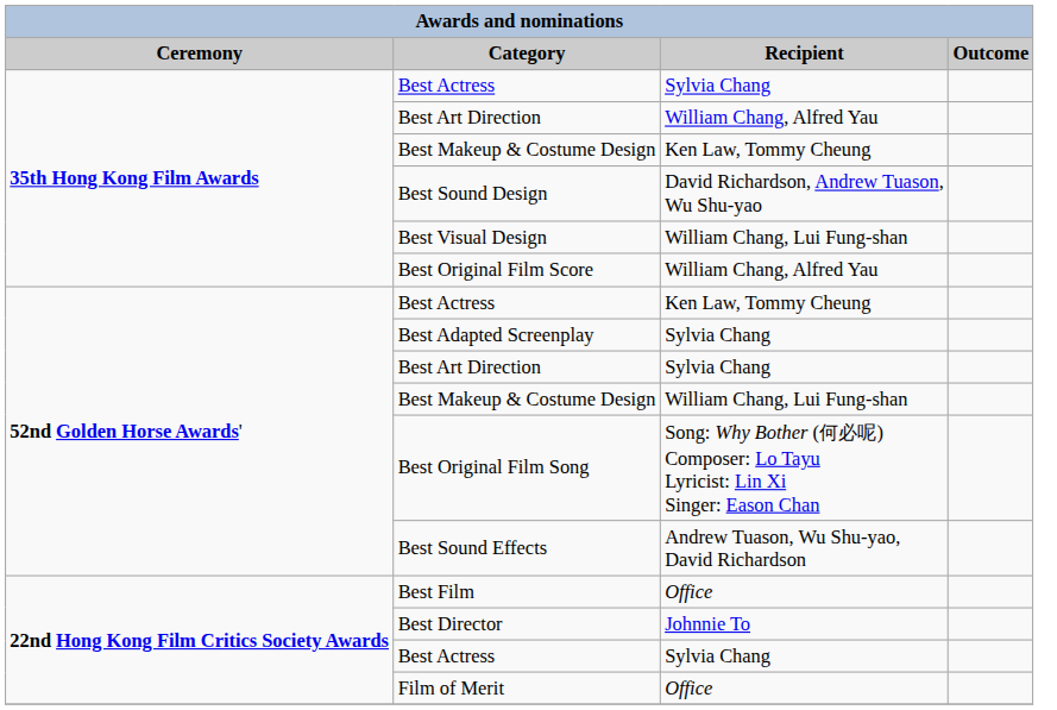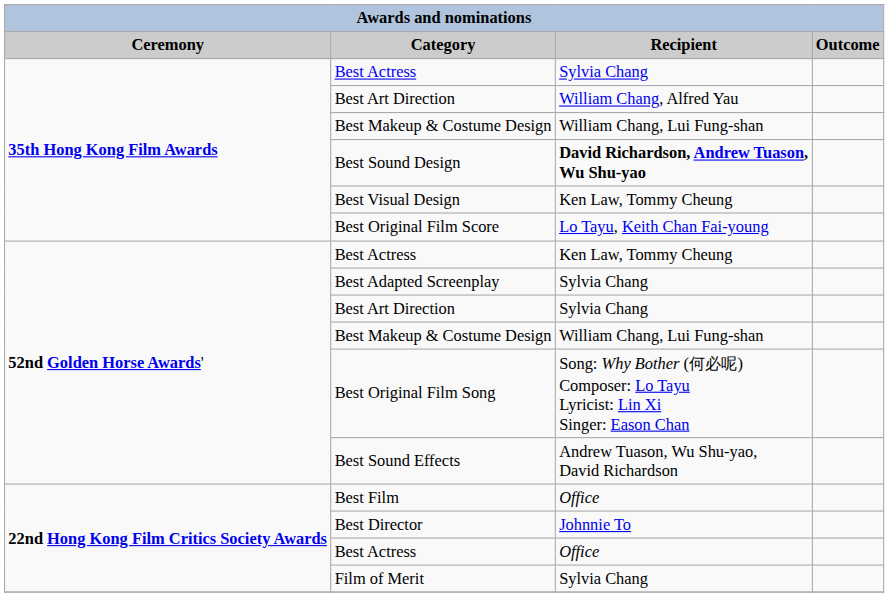 <table class="wikitable" style="font-size:95%;" ;>
 <tr style="background:#ccc; text-align:center;">
 <th colspan="4" style="background: LightSteelBlue;">Awards and nominations</th>
 </tr>
 <tr style="background:#ccc; text-align:center;">
 <th style="background:#ccc">Ceremony</th>
 <th style="background:#ccc">Category</th>
 <th style="background:#ccc">Recipient</th>
 <th style="background:#ccc">Outcome</th>
 </tr>
 <tr>
 <td rowspan=6><strong><a href='#'>35th Hong Kong Film Awards</a></strong></td>
 <td><a href='#'>Best Actress</a></td>
 <td><a href='#'>Sylvia Chang</a></td>
 <td></td>
 </tr>
 <tr>
 <td>Best Art Direction</td>
 <td><a href='#'>William Chang</a>, Alfred Yau</td>
 <td></td>
 </tr>
 <tr>
 <td>Best Makeup & Costume Design</td>
+<td>William Chang, Lui Fung-shan</td>
+<td></td>
+</tr>
+<tr>
+<td>Best Sound Design</td>
+<td><strong>David Richardson, <a href='#'>Andrew Tuason</a>,<br>Wu Shu-yao</strong></td>
+<td></td>
+</tr>
+<tr>
+<td>Best Visual Design</td>
 <td>Ken Law, Tommy Cheung</td>
 <td></td>
 </tr>
 <tr>
-<td>Best Sound Design</td>
-<td>David Richardson, <a href='#'>Andrew Tuason</a>,<br>Wu Shu-yao</td>
-<td></td>
-</tr>
-<tr>
-<td>Best Visual Design</td>
-<td>William Chang, Lui Fung-shan</td>
-<td></td>
-</tr>
-<tr>
 <td>Best Original Film Score</td>
-<td>William Chang, Alfred Yau</td>
+<td><a href='#'>Lo Tayu</a>, <a href='#'>Keith Chan Fai-young</a></td>
 <td></td>
 </tr>
 <tr>
 <td rowspan=6><strong>52nd <a href='#'>Golden Horse Awards</a></strong>'</td>
 <td>Best Actress</td>
 <td>Ken Law, Tommy Cheung</td>
 <td></td>
 </tr>
 <tr>
 <td>Best Adapted Screenplay</td>
 <td>Sylvia Chang</td>
 <td></td>
 </tr>
 <tr>
 <td>Best Art Direction</td>
 <td>Sylvia Chang</td>
 <td></td>
 </tr>
 <tr>
 <td>Best Makeup & Costume Design</td>
 <td>William Chang, Lui Fung-shan</td>
 <td></td>
 </tr>
 <tr>
 <td>Best Original Film Song</td>
 <td>Song: <em>Why Bother</em> (何必呢)<br>Composer: <a href='#'>Lo Tayu</a> <br>Lyricist: <a href='#'>Lin Xi</a> <br>Singer: <a href='#'>Eason Chan</a></td>
 <td></td>
 </tr>
 <tr>
 <td>Best Sound Effects</td>
 <td>Andrew Tuason, Wu Shu-yao,<br>David Richardson</td>
 <td></td>
 </tr>
 <tr>
 <td rowspan=4><strong>22nd <a href='#'>Hong Kong Film Critics Society Awards</a></strong></td>
 <td>Best Film</td>
 <td><em>Office</em></td>
 <td></td>
 </tr>
 <tr>
 <td>Best Director</td>
 <td><a href='#'>Johnnie To</a></td>
 <td></td>
 </tr>
 <tr>
 <td>Best Actress</td>
-<td>Sylvia Chang</td>
+<td><em>Office</em></td>
 <td></td>
 </tr>
 <tr>
 <td>Film of Merit</td>
-<td><em>Office</em></td>
+<td>Sylvia Chang</td>
 <td></td>
 </tr>
 <tr>
 </tr>
 </table>
